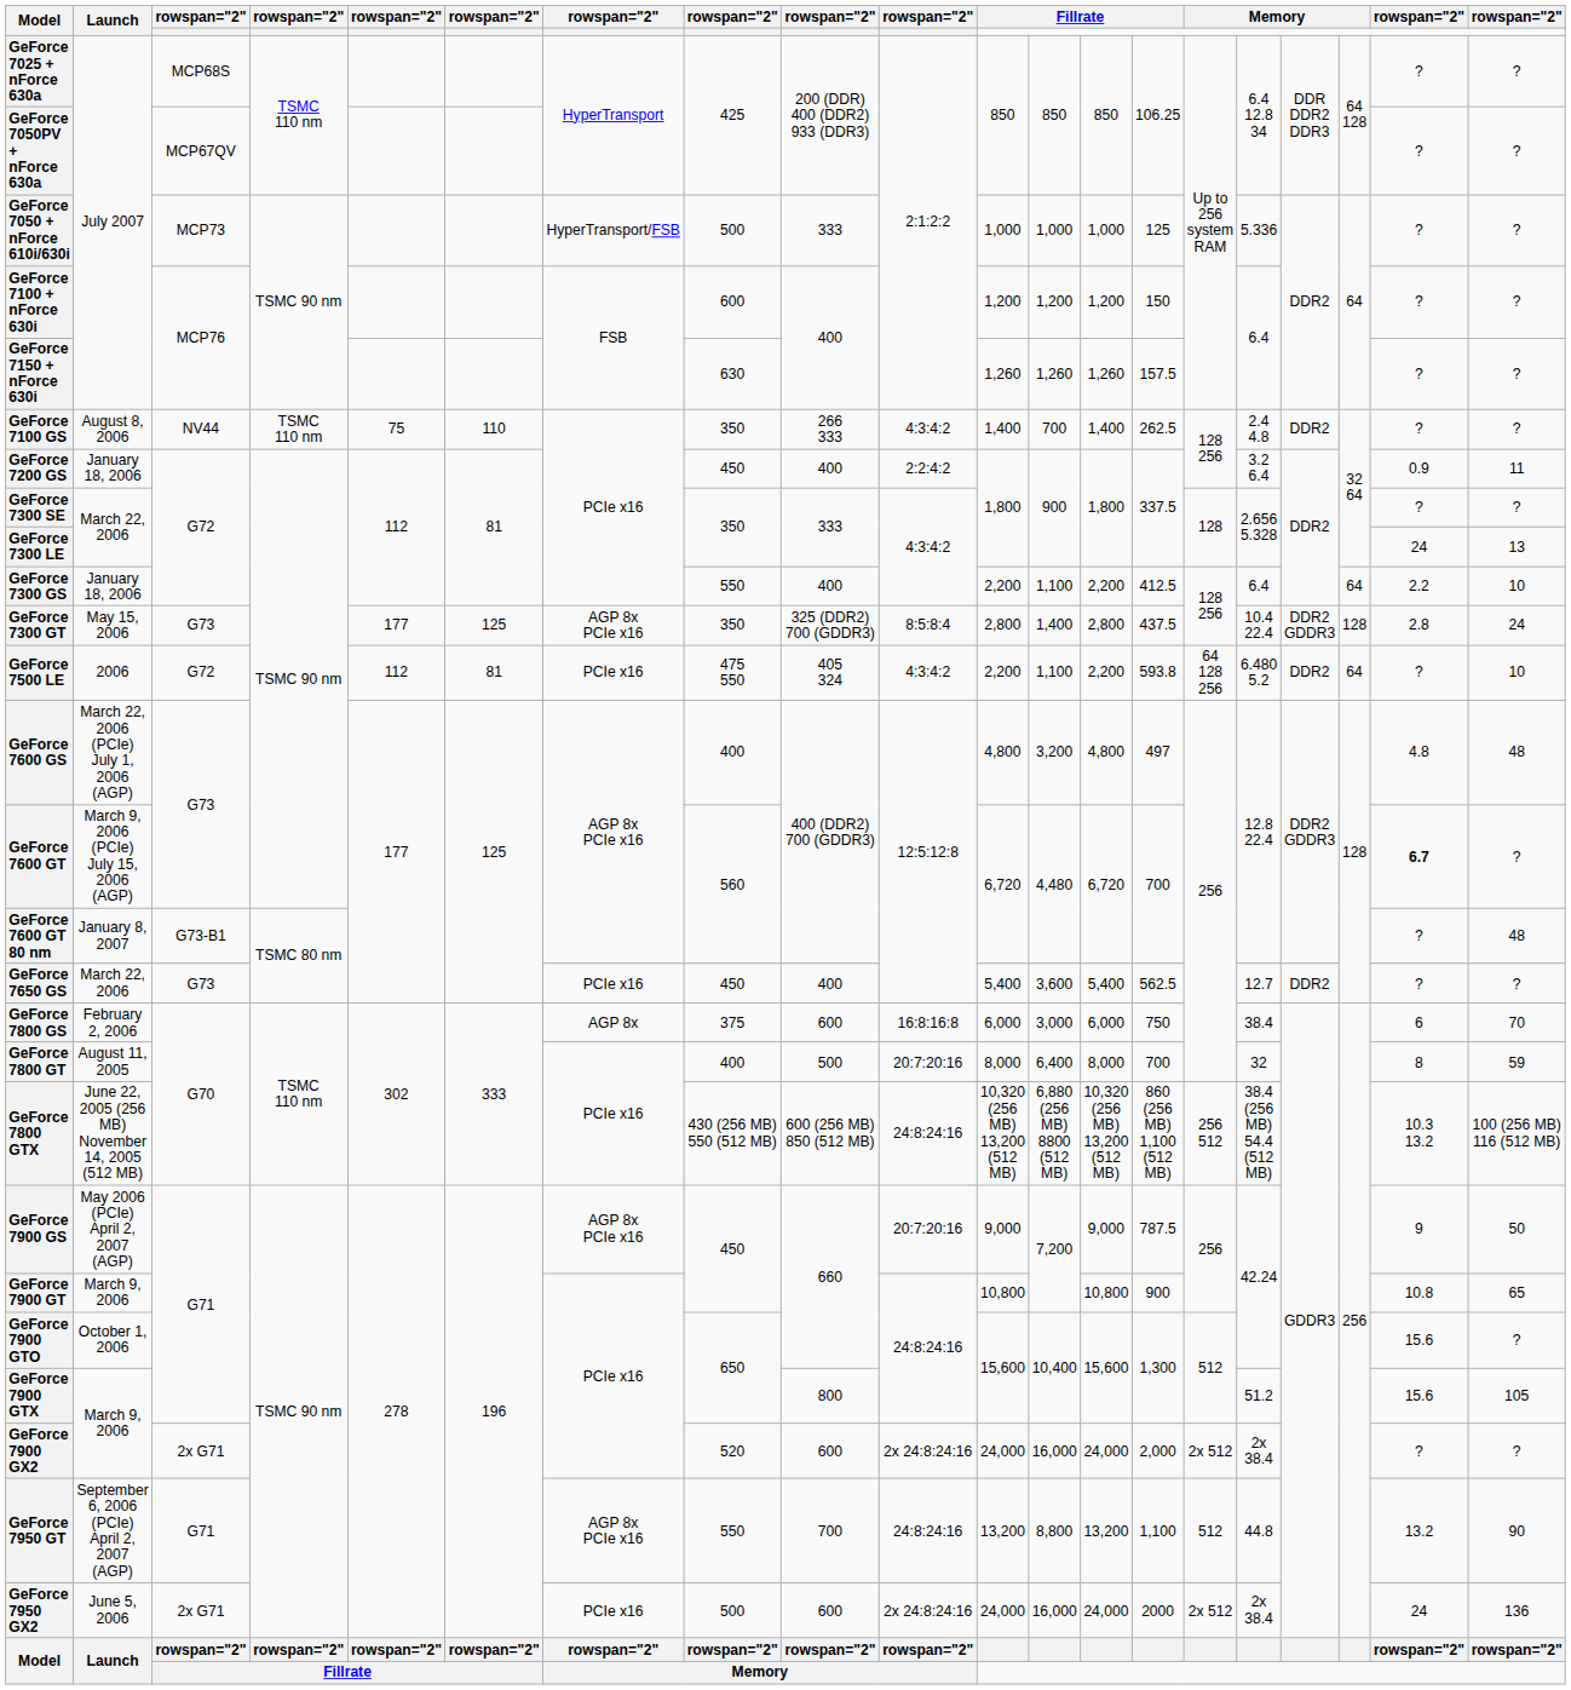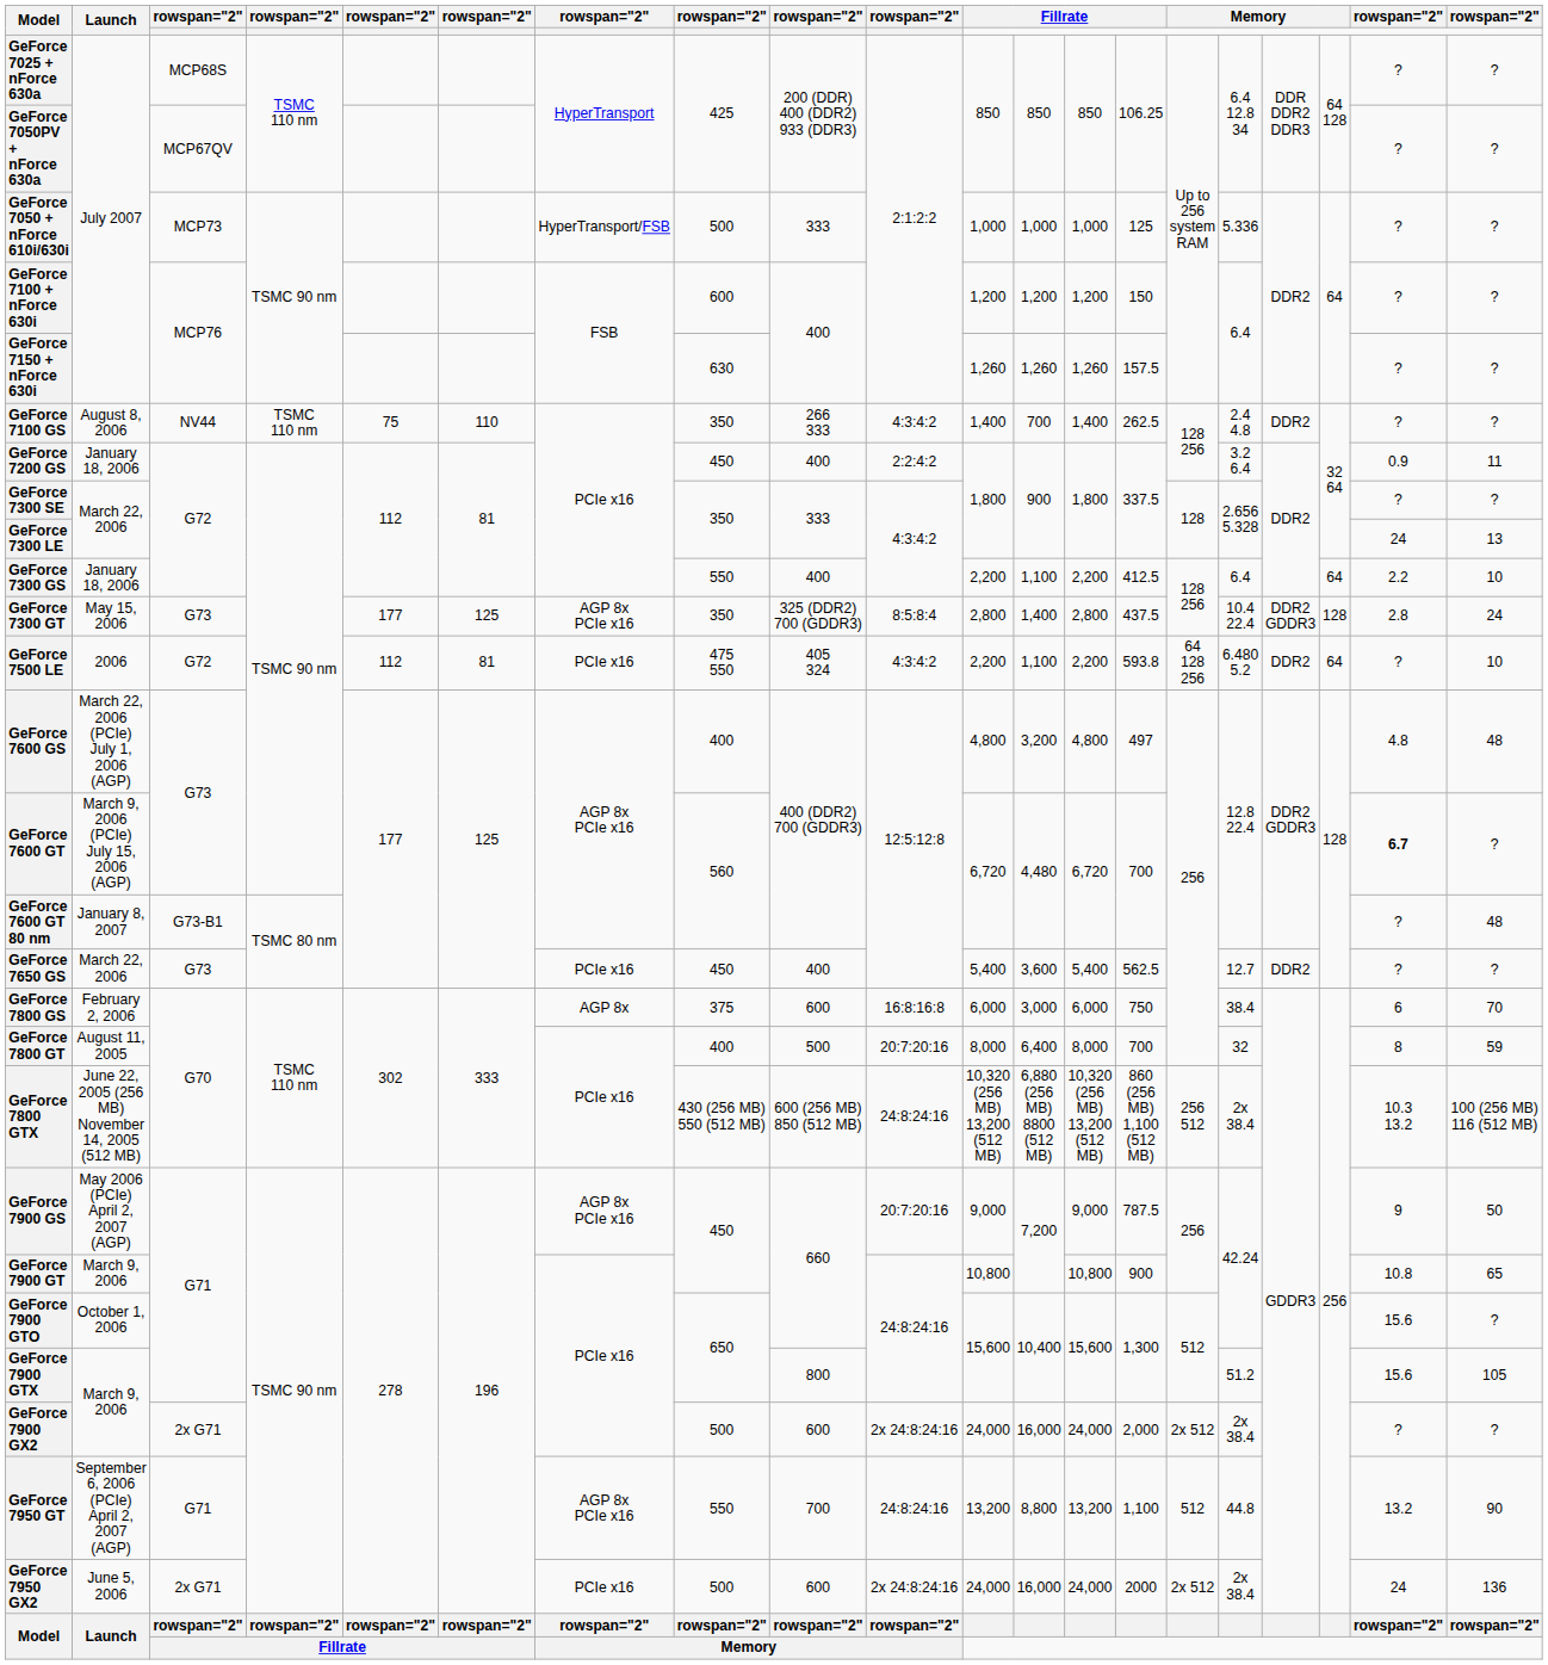 <table class="mw-datatable wikitable sortable" style="font-size:85%; text-align:center;">
 <tr>
 <th rowspan="2">Model</th>
 <th rowspan="2">Launch</th>
 <th>rowspan="2" </th>
 <th>rowspan="2" </th>
 <th>rowspan="2" </th>
 <th>rowspan="2" </th>
 <th>rowspan="2" </th>
 <th>rowspan="2" </th>
 <th>rowspan="2" </th>
 <th>rowspan="2" </th>
 <th colspan="4"><a href='#'>Fillrate</a></th>
 <th colspan="4">Memory</th>
 <th>rowspan="2" </th>
 <th>rowspan="2" </th>
 </tr>
 <tr>
 <th></th>
 <th></th>
 <th></th>
 <th></th>
 <th></th>
 <th></th>
 <th></th>
 <th></th>
 </tr>
 <tr>
 <th style="text-align:left">GeForce 7025 + nForce 630a</th>
 <td rowspan="5">July 2007</td>
 <td>MCP68S</td>
 <td rowspan="2"><a href='#'>TSMC</a> 110 nm</td>
 <td></td>
 <td></td>
 <td rowspan="2"><a href='#'>HyperTransport</a></td>
 <td rowspan="2">425</td>
 <td rowspan="2">200 (DDR)<br>400 (DDR2)<br>933 (DDR3)</td>
 <td rowspan="5">2:1:2:2</td>
 <td rowspan="2">850</td>
 <td rowspan="2">850</td>
 <td rowspan="2">850</td>
 <td rowspan="2">106.25</td>
 <td rowspan="5">Up to 256 system RAM</td>
 <td rowspan="2">6.4<br>12.8<br>34</td>
 <td rowspan="2">DDR<br>DDR2<br>DDR3</td>
 <td rowspan="2">64<br>128</td>
 <td>?</td>
 <td>?</td>
 </tr>
 <tr>
 <th style="text-align:left">GeForce 7050PV + nForce 630a</th>
 <td>MCP67QV</td>
 <td></td>
 <td></td>
 <td>?</td>
 <td>?</td>
 </tr>
 <tr>
 <th style="text-align:left">GeForce 7050 + nForce 610i/630i</th>
 <td>MCP73</td>
 <td rowspan="3">TSMC 90 nm</td>
 <td></td>
 <td></td>
 <td>HyperTransport/<a href='#'>FSB</a></td>
 <td>500</td>
 <td>333</td>
 <td>1,000</td>
 <td>1,000</td>
 <td>1,000</td>
 <td>125</td>
 <td>5.336</td>
 <td rowspan="3">DDR2</td>
 <td rowspan="3">64</td>
 <td>?</td>
 <td>?</td>
 </tr>
 <tr>
 <th style="text-align:left">GeForce 7100 + nForce 630i</th>
 <td rowspan="2">MCP76</td>
 <td></td>
 <td></td>
 <td rowspan="2">FSB</td>
 <td>600</td>
 <td rowspan="2">400</td>
 <td>1,200</td>
 <td>1,200</td>
 <td>1,200</td>
 <td>150</td>
 <td rowspan="2">6.4</td>
 <td>?</td>
 <td>?</td>
 </tr>
 <tr>
 <th style="text-align:left">GeForce 7150 + nForce 630i</th>
 <td></td>
 <td></td>
 <td>630</td>
 <td>1,260</td>
 <td>1,260</td>
 <td>1,260</td>
 <td>157.5</td>
 <td>?</td>
 <td>?</td>
 </tr>
 <tr>
 <th style="text-align:left">GeForce 7100 GS</th>
 <td>August 8, 2006</td>
 <td>NV44</td>
 <td>TSMC 110 nm</td>
 <td>75</td>
 <td>110</td>
 <td rowspan="5">PCIe x16</td>
 <td>350</td>
 <td>266<br>333</td>
 <td>4:3:4:2</td>
 <td>1,400</td>
 <td>700</td>
 <td>1,400</td>
 <td>262.5</td>
 <td rowspan="2">128<br>256</td>
 <td>2.4<br>4.8</td>
 <td>DDR2</td>
 <td rowspan="4">32<br>64</td>
 <td>?</td>
 <td>?</td>
 </tr>
 <tr>
 <th style="text-align:left">GeForce 7200 GS</th>
 <td>January 18, 2006</td>
 <td rowspan="4">G72</td>
 <td rowspan="8">TSMC 90 nm</td>
 <td rowspan="4">112</td>
 <td rowspan="4">81</td>
 <td>450</td>
 <td>400</td>
 <td>2:2:4:2</td>
 <td rowspan="3">1,800</td>
 <td rowspan="3">900</td>
 <td rowspan="3">1,800</td>
 <td rowspan="3">337.5</td>
 <td>3.2<br>6.4</td>
 <td rowspan="4">DDR2</td>
 <td>0.9</td>
 <td>11</td>
 </tr>
 <tr>
 <th style="text-align:left">GeForce 7300 SE</th>
 <td rowspan="2">March 22, 2006</td>
 <td rowspan="2">350</td>
 <td rowspan="2">333</td>
 <td rowspan="3">4:3:4:2</td>
 <td rowspan="2">128</td>
 <td rowspan="2">2.656<br>5.328</td>
 <td>?</td>
 <td>?</td>
 </tr>
 <tr>
 <th style="text-align:left">GeForce 7300 LE</th>
 <td>24</td>
 <td>13</td>
 </tr>
 <tr>
 <th style="text-align:left">GeForce 7300 GS</th>
 <td>January 18, 2006</td>
 <td>550</td>
 <td>400</td>
 <td>2,200</td>
 <td>1,100</td>
 <td>2,200</td>
 <td>412.5</td>
 <td rowspan="2">128<br>256</td>
 <td>6.4</td>
 <td>64</td>
 <td>2.2</td>
 <td>10</td>
 </tr>
 <tr>
 <th style="text-align:left">GeForce 7300 GT</th>
 <td>May 15, 2006</td>
 <td>G73</td>
 <td>177</td>
 <td>125</td>
 <td>AGP 8x<br>PCIe x16</td>
 <td>350</td>
 <td>325 (DDR2)<br>700 (GDDR3)</td>
 <td>8:5:8:4</td>
 <td>2,800</td>
 <td>1,400</td>
 <td>2,800</td>
 <td>437.5</td>
 <td>10.4<br>22.4</td>
 <td>DDR2<br>GDDR3</td>
 <td>128</td>
 <td>2.8</td>
 <td>24</td>
 </tr>
 <tr>
 <th style="text-align:left">GeForce 7500 LE</th>
 <td>2006</td>
 <td>G72</td>
 <td>112</td>
 <td>81</td>
 <td>PCIe x16</td>
 <td>475<br>550</td>
 <td>405<br>324</td>
 <td>4:3:4:2</td>
 <td>2,200</td>
 <td>1,100</td>
 <td>2,200</td>
 <td>593.8</td>
 <td>64<br>128<br>256</td>
 <td>6.480<br>5.2</td>
 <td>DDR2</td>
 <td>64</td>
 <td>?</td>
 <td>10</td>
 </tr>
 <tr>
 <th style="text-align:left">GeForce 7600 GS</th>
 <td>March 22, 2006 (PCIe)<br>July 1, 2006 (AGP)</td>
 <td rowspan="2">G73</td>
 <td rowspan="4">177</td>
 <td rowspan="4">125</td>
 <td rowspan="3">AGP 8x<br>PCIe x16</td>
 <td>400</td>
 <td rowspan="3">400 (DDR2)<br>700 (GDDR3)</td>
 <td rowspan="4">12:5:12:8</td>
 <td>4,800</td>
 <td>3,200</td>
 <td>4,800</td>
 <td>497</td>
 <td rowspan="6">256</td>
 <td rowspan="3">12.8<br>22.4</td>
 <td rowspan="3">DDR2<br>GDDR3</td>
 <td rowspan="4">128</td>
 <td>4.8</td>
 <td>48</td>
 </tr>
 <tr>
 <th style="text-align:left">GeForce 7600 GT</th>
 <td>March 9, 2006 (PCIe)<br>July 15, 2006 (AGP)</td>
 <td rowspan="2">560</td>
 <td rowspan="2">6,720</td>
 <td rowspan="2">4,480</td>
 <td rowspan="2">6,720</td>
 <td rowspan="2">700</td>
 <td><strong>6.7</strong></td>
 <td>?</td>
 </tr>
 <tr>
 <th style="text-align:left">GeForce 7600 GT 80 nm</th>
 <td>January 8, 2007</td>
 <td>G73-B1</td>
 <td rowspan="2">TSMC 80 nm</td>
 <td>?</td>
 <td>48</td>
 </tr>
 <tr>
 <th style="text-align:left">GeForce 7650 GS</th>
 <td>March 22, 2006</td>
 <td>G73</td>
 <td>PCIe x16</td>
 <td>450</td>
 <td>400</td>
 <td>5,400</td>
 <td>3,600</td>
 <td>5,400</td>
 <td>562.5</td>
 <td>12.7</td>
 <td>DDR2</td>
 <td>?</td>
 <td>?</td>
 </tr>
 <tr>
 <th style="text-align:left">GeForce 7800 GS</th>
 <td>February 2, 2006</td>
 <td rowspan="3">G70</td>
 <td rowspan="3">TSMC 110 nm</td>
 <td rowspan="3">302</td>
 <td rowspan="3">333</td>
 <td>AGP 8x</td>
 <td>375</td>
 <td>600</td>
 <td>16:8:16:8</td>
 <td>6,000</td>
 <td>3,000</td>
 <td>6,000</td>
 <td>750</td>
 <td>38.4</td>
 <td rowspan="10">GDDR3</td>
 <td rowspan="10">256</td>
 <td>6</td>
 <td>70</td>
 </tr>
 <tr>
 <th style="text-align:left">GeForce 7800 GT</th>
 <td>August 11, 2005</td>
 <td rowspan="2">PCIe x16</td>
 <td>400</td>
 <td>500</td>
 <td>20:7:20:16</td>
 <td>8,000</td>
 <td>6,400</td>
 <td>8,000</td>
 <td>700</td>
 <td>32</td>
 <td>8</td>
 <td>59</td>
 </tr>
 <tr>
 <th style="text-align:left">GeForce 7800 GTX</th>
 <td>June 22, 2005 (256 MB)<br>November 14, 2005 (512 MB)</td>
 <td>430 (256 MB)<br>550 (512 MB)</td>
 <td>600 (256 MB)<br>850 (512 MB)</td>
 <td>24:8:24:16</td>
 <td>10,320 (256 MB)<br>13,200 (512 MB)</td>
 <td>6,880 (256 MB)<br>8800 (512 MB)</td>
 <td>10,320 (256 MB)<br>13,200 (512 MB)</td>
 <td>860 (256 MB)<br>1,100 (512 MB)</td>
 <td>256<br>512</td>
-<td>38.4 (256 MB)<br> 54.4 (512 MB)</td>
+<td>2x 38.4</td>
 <td>10.3<br>13.2</td>
 <td>100 (256 MB)<br> 116 (512 MB)</td>
 </tr>
 <tr>
 <th style="text-align:left">GeForce 7900 GS</th>
 <td>May 2006 (PCIe)<br>April 2, 2007 (AGP)</td>
 <td rowspan="4">G71</td>
 <td rowspan="7">TSMC 90 nm</td>
 <td rowspan="7">278</td>
 <td rowspan="7">196</td>
 <td>AGP 8x<br>PCIe x16</td>
 <td rowspan="2">450</td>
 <td rowspan="3">660</td>
 <td>20:7:20:16</td>
 <td>9,000</td>
 <td rowspan="2">7,200</td>
 <td>9,000</td>
 <td>787.5</td>
 <td rowspan="2">256</td>
 <td rowspan="3">42.24</td>
 <td>9</td>
 <td>50</td>
 </tr>
 <tr>
 <th style="text-align:left">GeForce 7900 GT</th>
 <td>March 9, 2006</td>
 <td rowspan="4">PCIe x16</td>
 <td rowspan="3">24:8:24:16</td>
 <td>10,800</td>
 <td>10,800</td>
 <td>900</td>
 <td>10.8</td>
 <td>65</td>
 </tr>
 <tr>
 <th style="text-align:left">GeForce 7900 GTO</th>
 <td>October 1, 2006</td>
 <td rowspan="2">650</td>
 <td rowspan="2">15,600</td>
 <td rowspan="2">10,400</td>
 <td rowspan="2">15,600</td>
 <td rowspan="2">1,300</td>
 <td rowspan="2">512</td>
 <td>15.6</td>
 <td>?</td>
 </tr>
 <tr>
 <th style="text-align:left">GeForce 7900 GTX</th>
 <td rowspan="2">March 9, 2006</td>
 <td>800</td>
 <td>51.2</td>
 <td>15.6</td>
 <td>105</td>
 </tr>
 <tr>
 <th style="text-align:left">GeForce 7900 GX2</th>
 <td>2x G71</td>
-<td>520</td>
+<td>500</td>
 <td>600</td>
 <td>2x 24:8:24:16</td>
 <td>24,000</td>
 <td>16,000</td>
 <td>24,000</td>
 <td>2,000</td>
 <td>2x 512</td>
 <td>2x 38.4</td>
 <td>?</td>
 <td>?</td>
 </tr>
 <tr>
 <th style="text-align:left">GeForce 7950 GT</th>
 <td>September 6, 2006 (PCIe)<br>April 2, 2007 (AGP)</td>
 <td>G71</td>
 <td>AGP 8x<br>PCIe x16</td>
 <td>550</td>
 <td>700</td>
 <td>24:8:24:16</td>
 <td>13,200</td>
 <td>8,800</td>
 <td>13,200</td>
 <td>1,100</td>
 <td>512</td>
 <td>44.8</td>
 <td>13.2</td>
 <td>90</td>
 </tr>
 <tr>
 <th style="text-align:left">GeForce 7950 GX2</th>
 <td>June 5, 2006</td>
 <td>2x G71</td>
 <td>PCIe x16</td>
 <td>500</td>
 <td>600</td>
 <td>2x 24:8:24:16</td>
 <td>24,000</td>
 <td>16,000</td>
 <td>24,000</td>
 <td>2000</td>
 <td>2x 512</td>
 <td>2x 38.4</td>
 <td>24</td>
 <td>136</td>
 </tr>
 <tr>
 <th rowspan="2">Model</th>
 <th rowspan="2">Launch</th>
 <th>rowspan="2" </th>
 <th>rowspan="2" </th>
 <th>rowspan="2" </th>
 <th>rowspan="2" </th>
 <th>rowspan="2" </th>
 <th>rowspan="2" </th>
 <th>rowspan="2" </th>
 <th>rowspan="2" </th>
 <th></th>
 <th></th>
 <th></th>
 <th></th>
 <th></th>
 <th></th>
 <th></th>
 <th></th>
 <th>rowspan="2" </th>
 <th>rowspan="2" </th>
 </tr>
 <tr>
 <th colspan="4"><a href='#'>Fillrate</a></th>
 <th colspan="4">Memory</th>
 </tr>
 </table>
